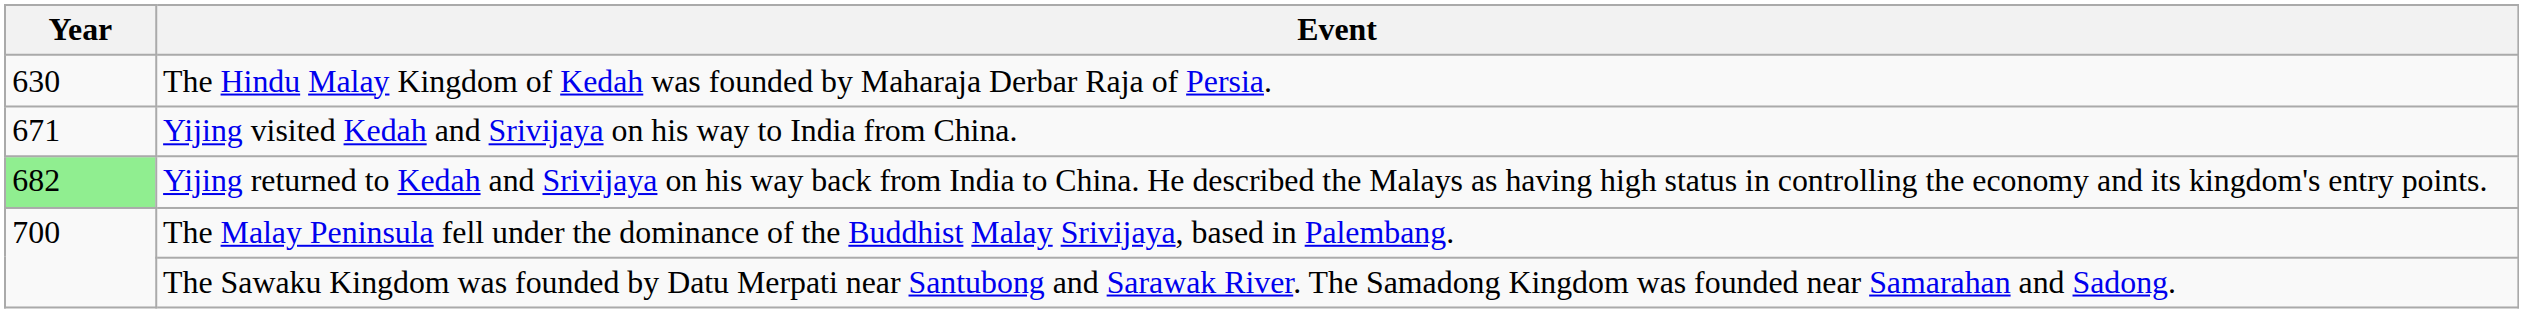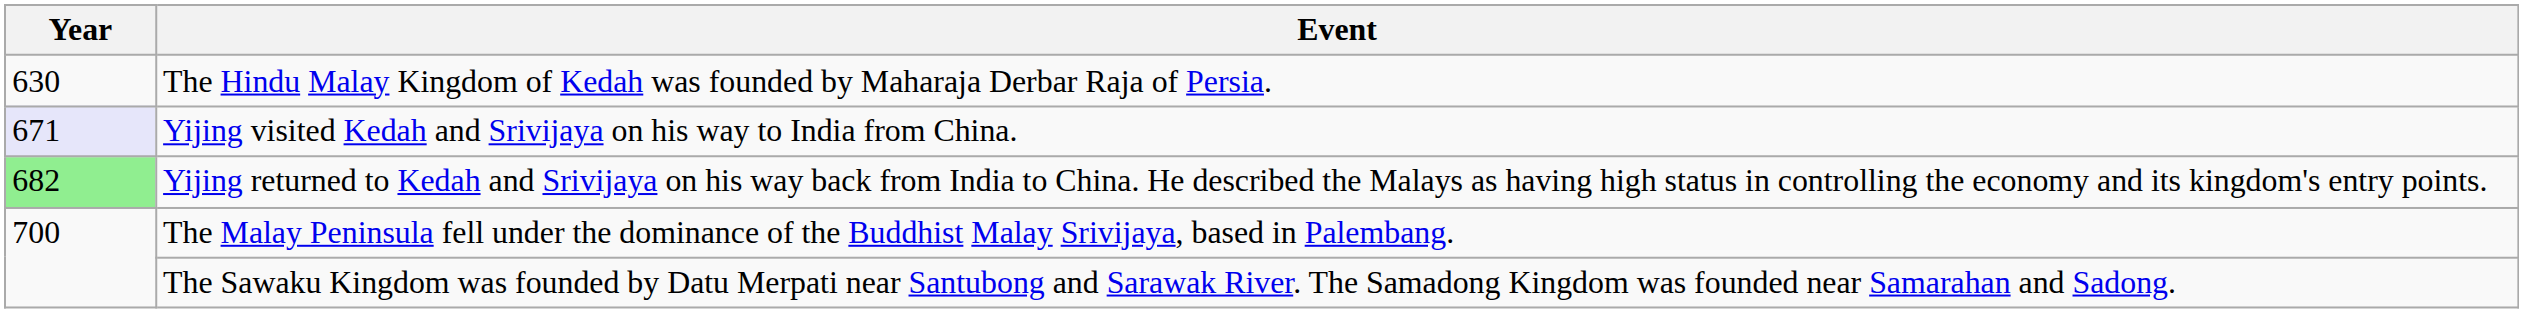 <table class="wikitable" width="100%">
 <tr>
 <th style="width:6%">Year</th>
 <th>Event</th>
 </tr>
 <tr>
 <td>630</td>
 <td>The <a href='#'>Hindu</a> <a href='#'>Malay</a> Kingdom of <a href='#'>Kedah</a> was founded by Maharaja Derbar Raja of <a href='#'>Persia</a>.</td>
 </tr>
 <tr>
-<td>671</td>
+<td style="background: lavender;">671</td>
 <td><a href='#'>Yijing</a> visited <a href='#'>Kedah</a> and <a href='#'>Srivijaya</a> on his way to India from China.</td>
 </tr>
 <tr>
 <td style="background: lightgreen;">682</td>
 <td><a href='#'>Yijing</a> returned to <a href='#'>Kedah</a> and <a href='#'>Srivijaya</a> on his way back from India to China. He described the Malays as having high status in controlling the economy and its kingdom's entry points.</td>
 </tr>
 <tr>
 <td rowspan="2" valign="top">700</td>
 <td>The <a href='#'>Malay Peninsula</a> fell under the dominance of the <a href='#'>Buddhist</a> <a href='#'>Malay</a> <a href='#'>Srivijaya</a>, based in <a href='#'>Palembang</a>.</td>
 </tr>
 <tr>
 <td>The Sawaku Kingdom was founded by Datu Merpati near <a href='#'>Santubong</a> and <a href='#'>Sarawak River</a>. The Samadong Kingdom was founded near <a href='#'>Samarahan</a> and <a href='#'>Sadong</a>.</td>
 </tr>
 </table>
